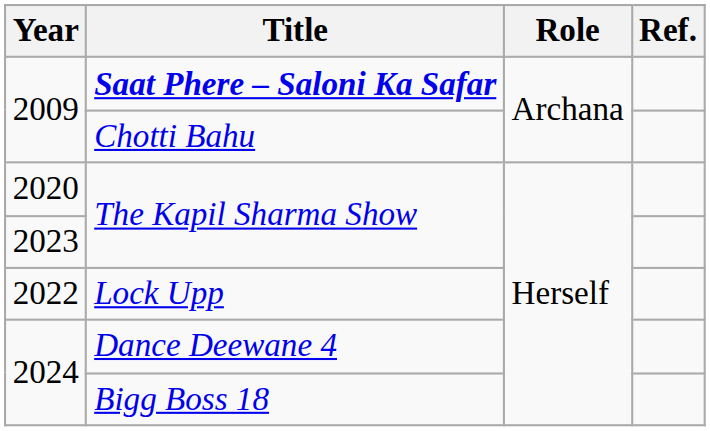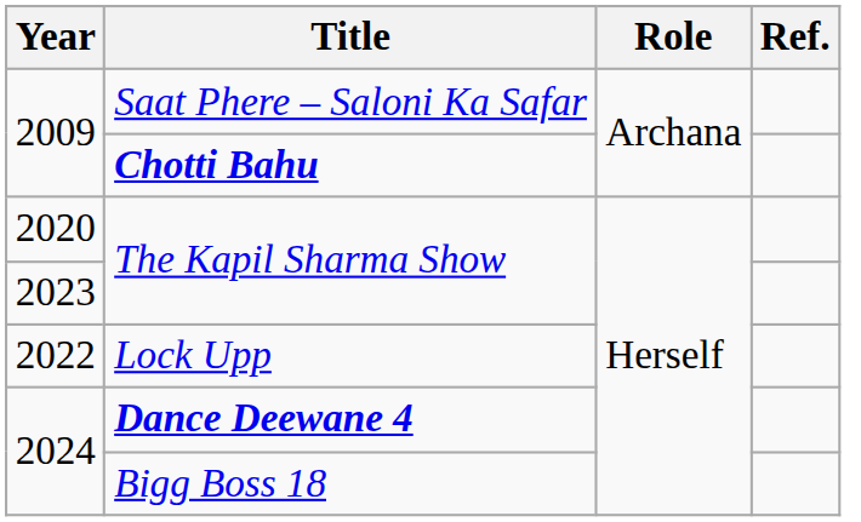 <table class="wikitable sortable">
 <tr>
 <th>Year</th>
 <th>Title</th>
 <th>Role</th>
 <th class="unsortable">Ref.</th>
 </tr>
 <tr>
 <td rowspan="2">2009</td>
-<td><strong><em><a href='#'>Saat Phere – Saloni Ka Safar</a></em></strong></td>
+<td><em><a href='#'>Saat Phere – Saloni Ka Safar</a></em></td>
 <td rowspan="2">Archana</td>
 <td></td>
 </tr>
 <tr>
-<td><em><a href='#'>Chotti Bahu</a></em></td>
+<td><strong><em><a href='#'>Chotti Bahu</a></em></strong></td>
 <td></td>
 </tr>
 <tr>
 <td>2020</td>
 <td rowspan="2"><em><a href='#'>The Kapil Sharma Show</a></em></td>
 <td rowspan="5">Herself</td>
 <td></td>
 </tr>
 <tr>
 <td>2023</td>
 <td></td>
 </tr>
 <tr>
 <td>2022</td>
 <td><em><a href='#'>Lock Upp</a></em></td>
 <td></td>
 </tr>
 <tr>
 <td rowspan="2">2024</td>
-<td><em><a href='#'>Dance Deewane 4</a></em></td>
+<td><strong><em><a href='#'>Dance Deewane 4</a></em></strong></td>
 <td></td>
 </tr>
 <tr>
 <td><em><a href='#'>Bigg Boss 18</a></em></td>
 <td></td>
 </tr>
 </table>
